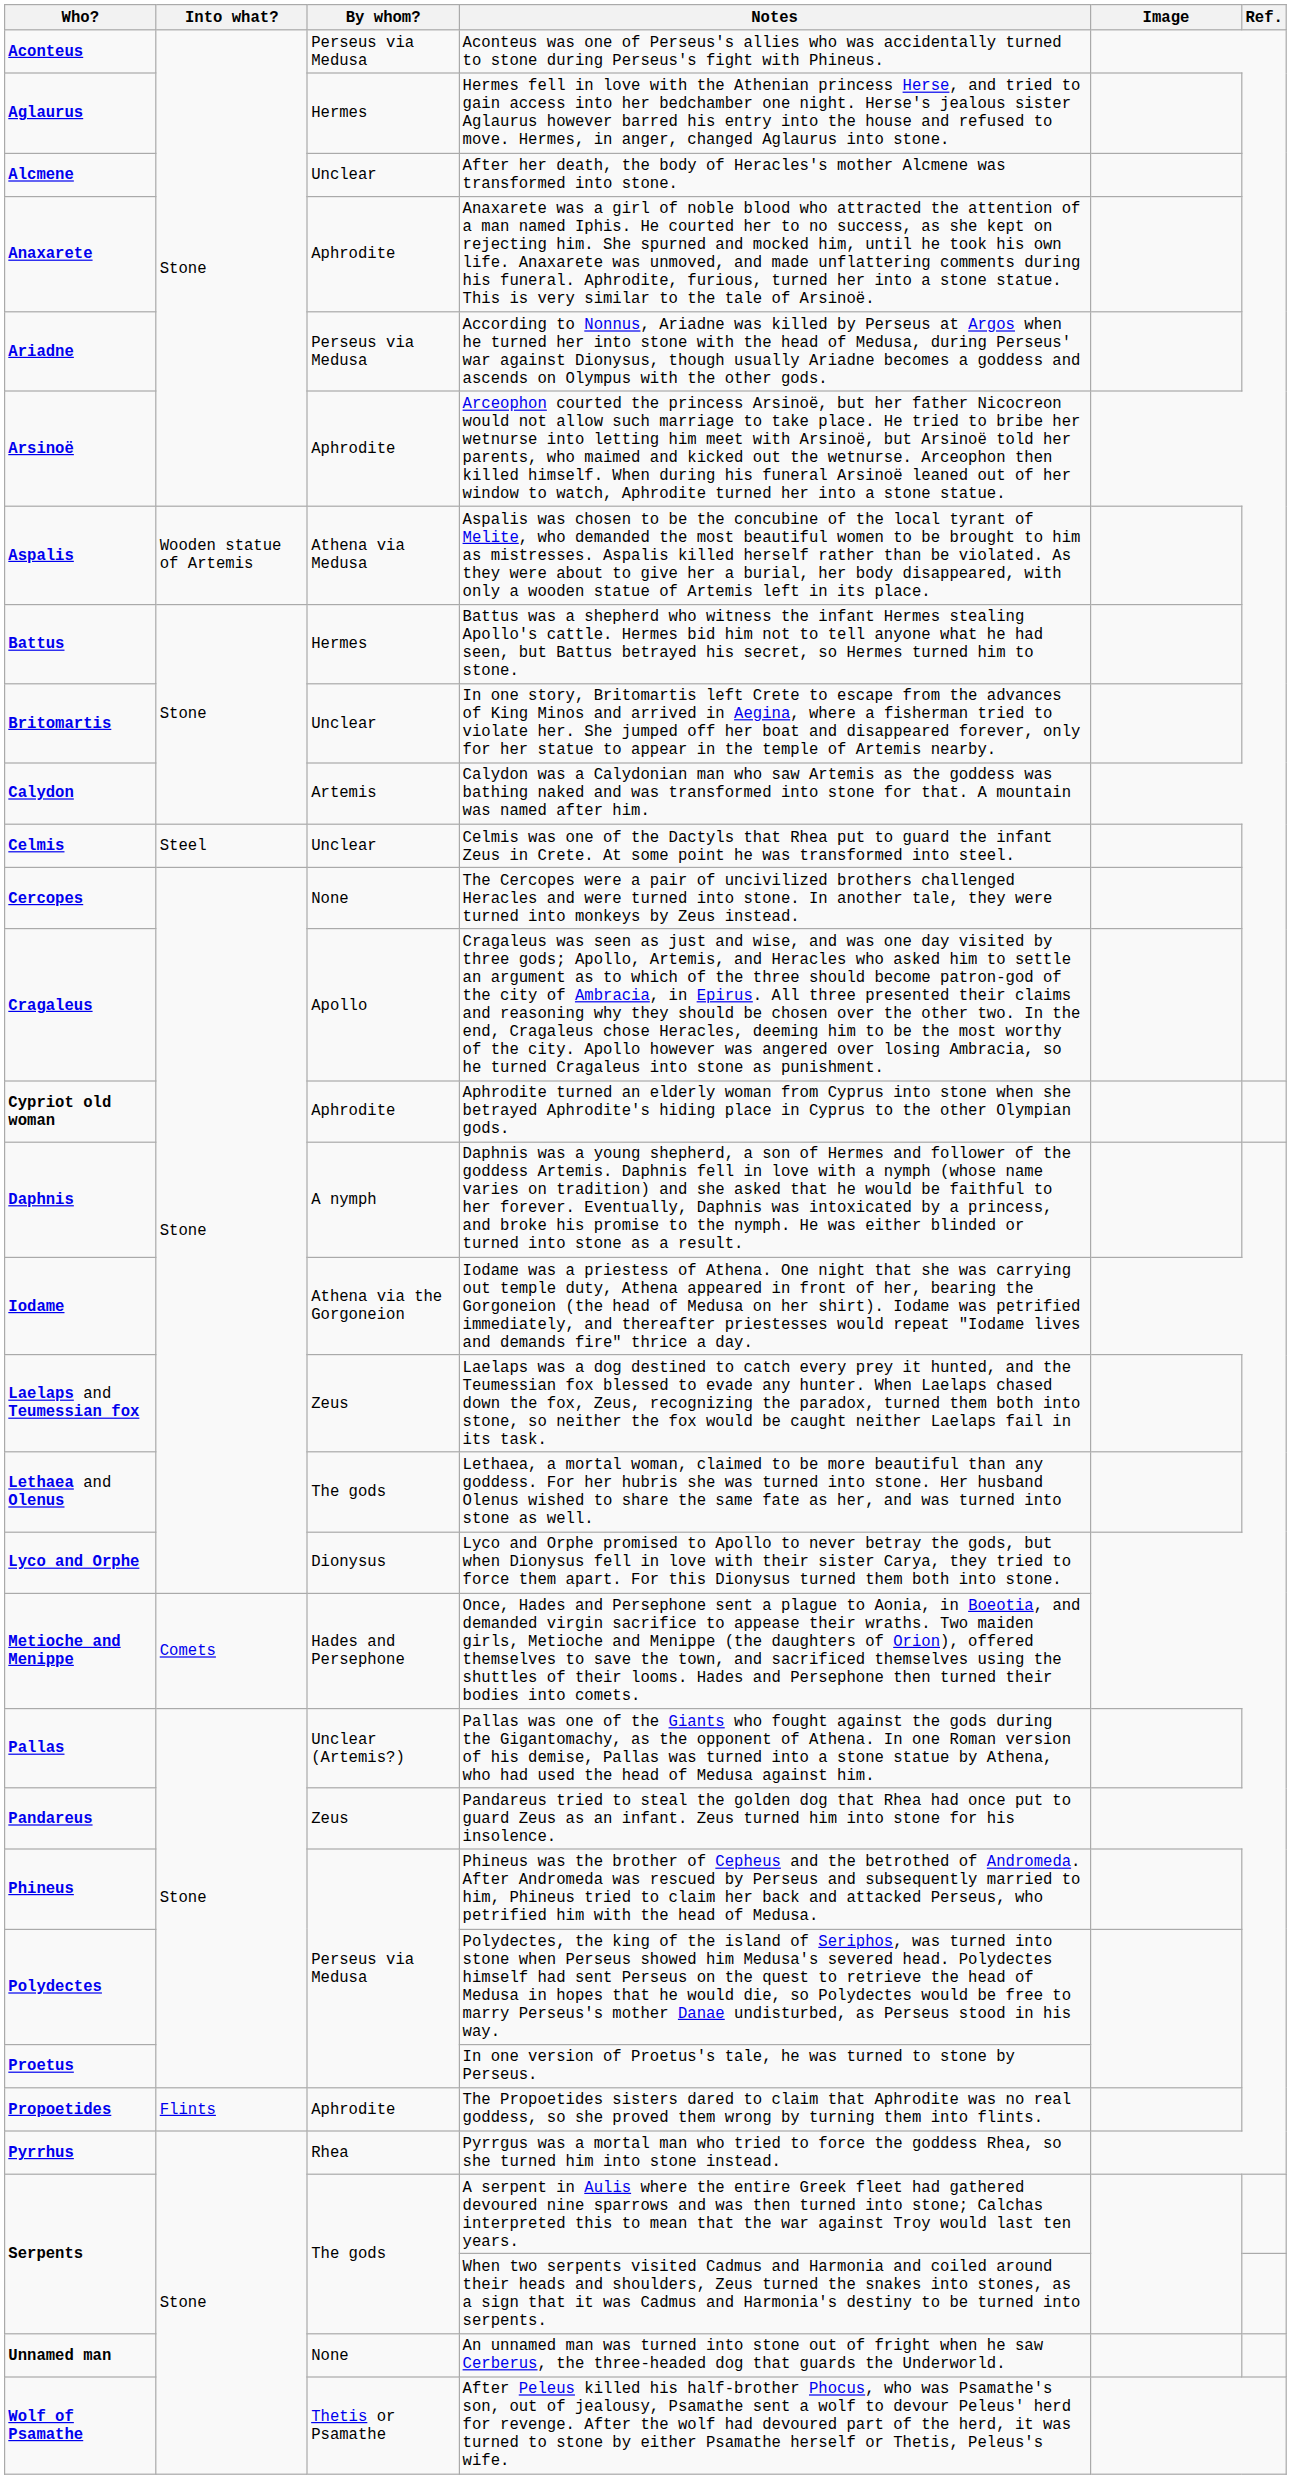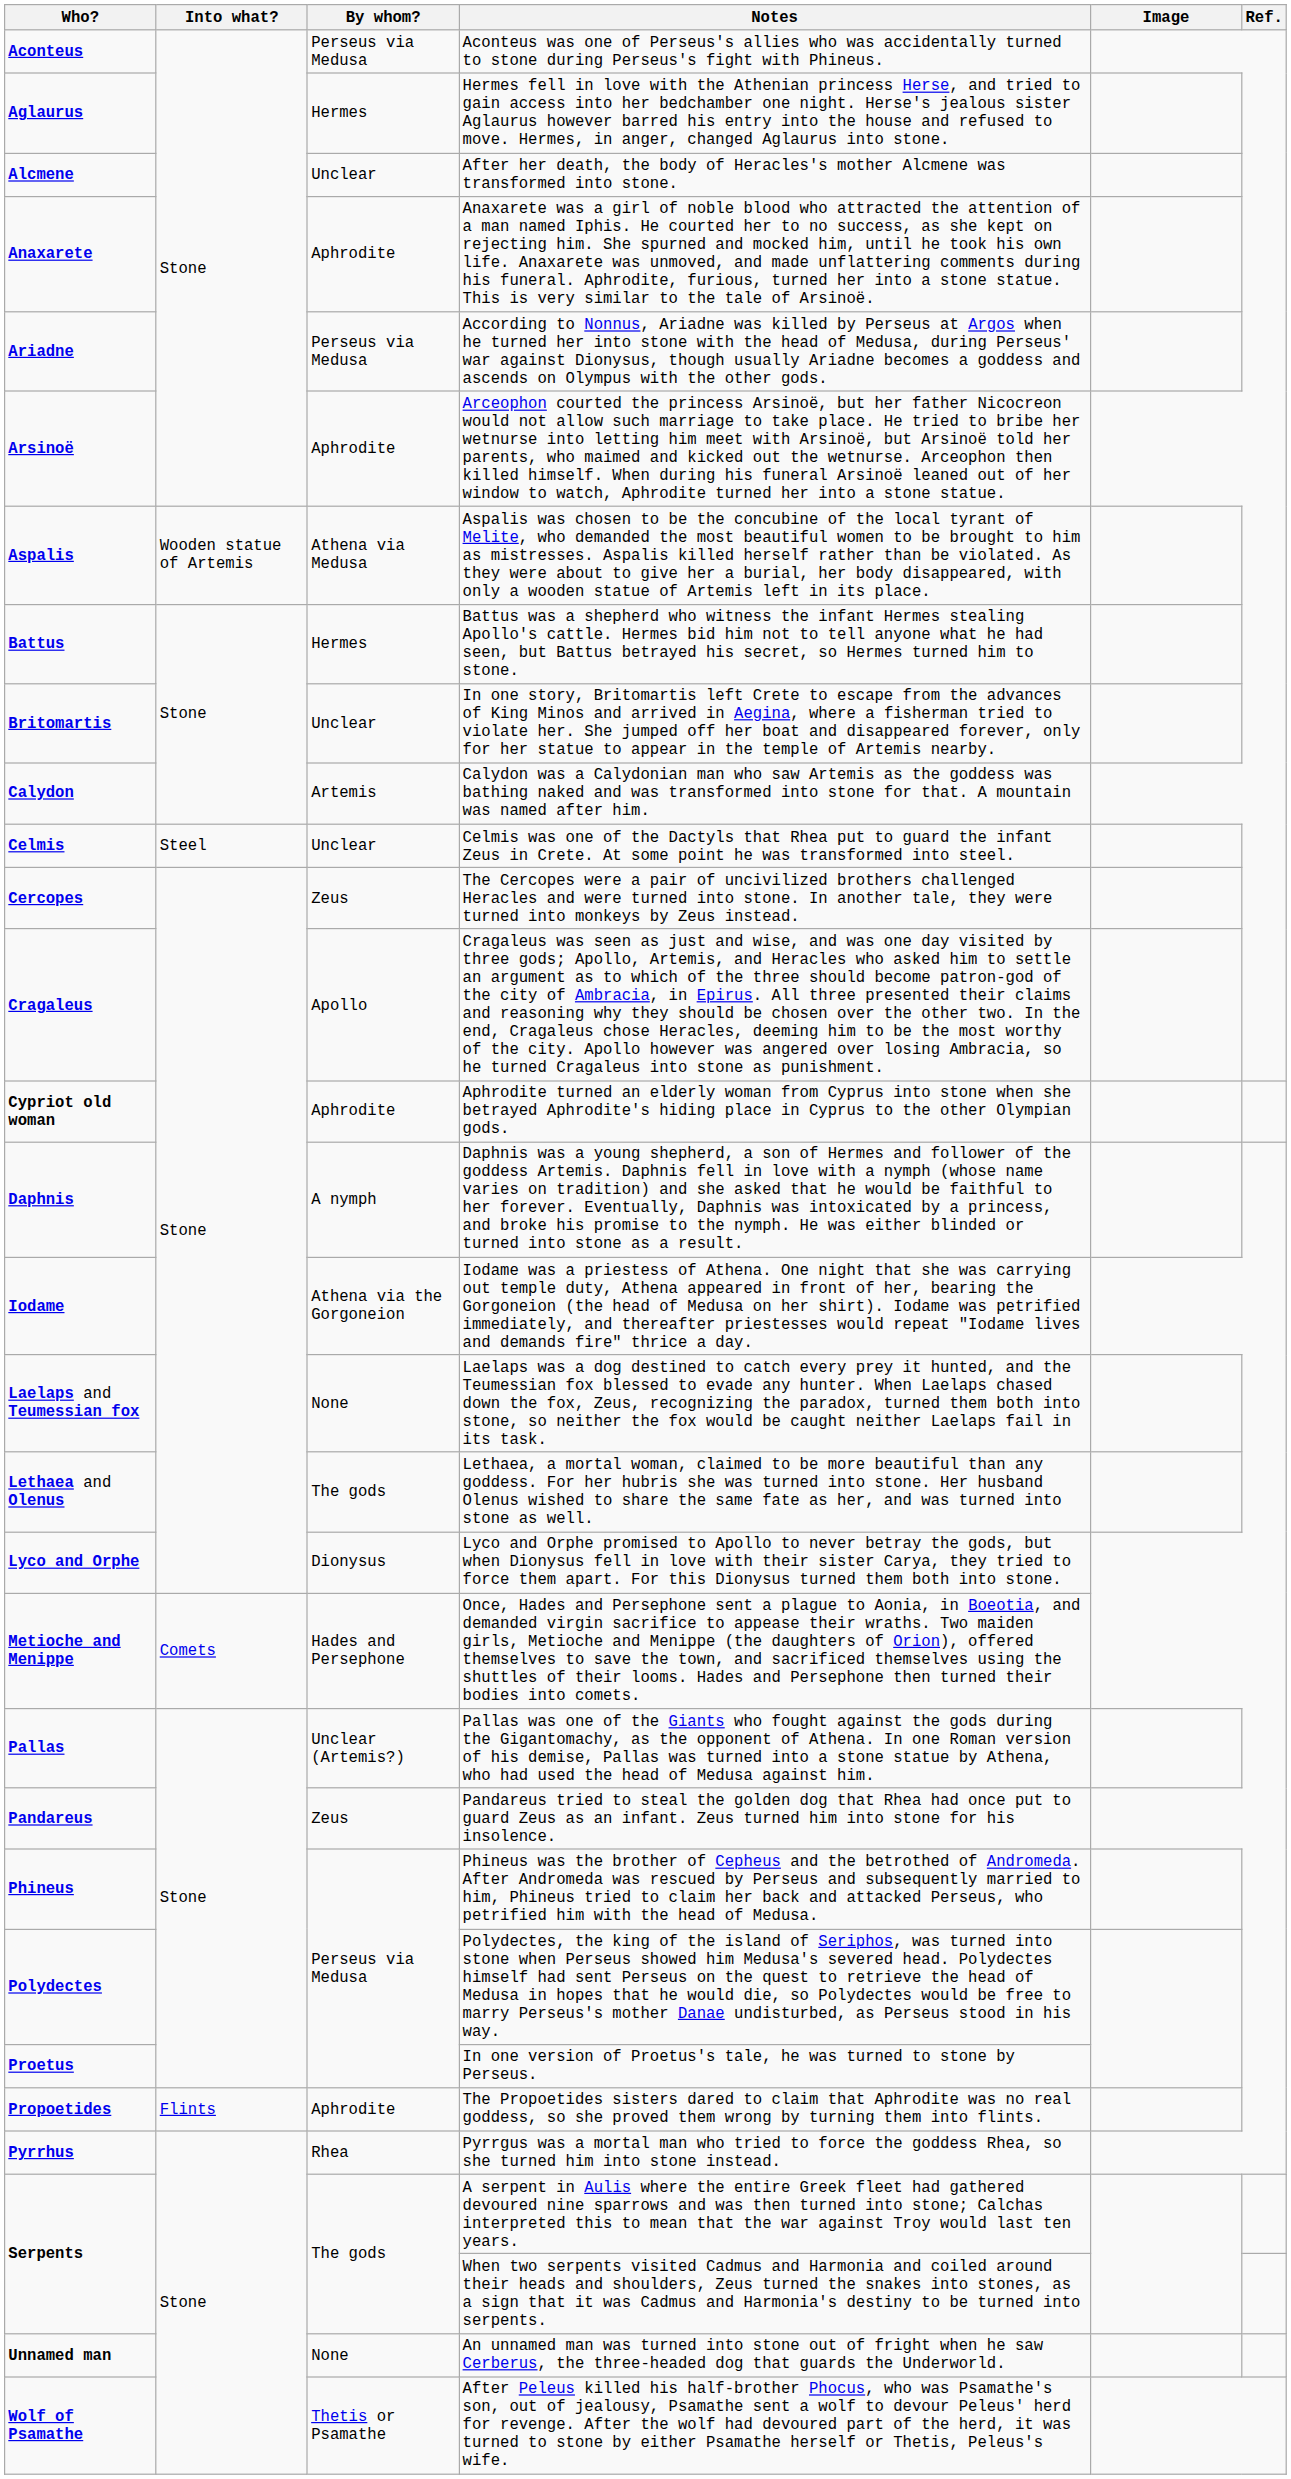 <table class="wikitable sortable">
 <tr>
 <th scope="col" style="width: 90pt;">Who?</th>
 <th scope="col" style="width: 90pt;">Into what?</th>
 <th scope="col" style="width: 90pt;">By whom?</th>
 <th scope="col" style="width: 390pt;">Notes</th>
 <th scope="col" style="width: 90pt;">Image</th>
 <th class="unsortable">Ref.</th>
 </tr>
 <tr>
 <td><strong><a href='#'>Aconteus</a></strong></td>
 <td rowspan="6">Stone</td>
 <td>Perseus via Medusa</td>
 <td>Aconteus was one of Perseus's allies who was accidentally turned to stone during Perseus's fight with Phineus.</td>
 </tr>
 <tr>
 <td><strong><a href='#'>Aglaurus</a></strong></td>
 <td>Hermes</td>
 <td>Hermes fell in love with the Athenian princess <a href='#'>Herse</a>, and tried to gain access into her bedchamber one night. Herse's jealous sister Aglaurus however barred his entry into the house and refused to move. Hermes, in anger, changed Aglaurus into stone.</td>
 <td></td>
 </tr>
 <tr>
 <td><strong><a href='#'>Alcmene</a></strong></td>
 <td>Unclear</td>
 <td>After her death, the body of Heracles's mother Alcmene was transformed into stone.</td>
 <td></td>
 </tr>
 <tr>
 <td><strong><a href='#'>Anaxarete</a></strong></td>
 <td>Aphrodite</td>
 <td>Anaxarete was a girl of noble blood who attracted the attention of a man named Iphis. He courted her to no success, as she kept on rejecting him. She spurned and mocked him, until he took his own life. Anaxarete was unmoved, and made unflattering comments during his funeral. Aphrodite, furious, turned her into a stone statue. This is very similar to the tale of Arsinoë.</td>
 <td></td>
 </tr>
 <tr>
 <td><strong><a href='#'>Ariadne</a></strong></td>
 <td>Perseus via Medusa</td>
 <td>According to <a href='#'>Nonnus</a>, Ariadne was killed by Perseus at <a href='#'>Argos</a> when he turned her into stone with the head of Medusa, during Perseus' war against Dionysus, though usually Ariadne becomes a goddess and ascends on Olympus with the other gods.</td>
 <td></td>
 </tr>
 <tr>
 <td><strong><a href='#'>Arsinoë</a></strong></td>
 <td>Aphrodite</td>
 <td><a href='#'>Arceophon</a> courted the princess Arsinoë, but her father Nicocreon would not allow such marriage to take place. He tried to bribe her wetnurse into letting him meet with Arsinoë, but Arsinoë told her parents, who maimed and kicked out the wetnurse. Arceophon then killed himself. When during his funeral Arsinoë leaned out of her window to watch, Aphrodite turned her into a stone statue.</td>
 </tr>
 <tr>
 <td><strong><a href='#'>Aspalis</a></strong></td>
 <td>Wooden statue of Artemis</td>
 <td>Athena via Medusa</td>
 <td>Aspalis was chosen to be the concubine of the local tyrant of <a href='#'>Melite</a>, who demanded the most beautiful women to be brought to him as mistresses. Aspalis killed herself rather than be violated. As they were about to give her a burial, her body disappeared, with only a wooden statue of Artemis left in its place.</td>
 <td></td>
 </tr>
 <tr>
 <td><strong><a href='#'>Battus</a></strong></td>
 <td rowspan="3">Stone</td>
 <td>Hermes</td>
 <td>Battus was a shepherd who witness the infant Hermes stealing Apollo's cattle. Hermes bid him not to tell anyone what he had seen, but Battus betrayed his secret, so Hermes turned him to stone.</td>
 <td></td>
 </tr>
 <tr>
 <td><strong><a href='#'>Britomartis</a></strong></td>
 <td>Unclear</td>
 <td>In one story, Britomartis left Crete to escape from the advances of King Minos and arrived in <a href='#'>Aegina</a>, where a fisherman tried to violate her. She jumped off her boat and disappeared forever, only for her statue to appear in the temple of Artemis nearby.</td>
 <td></td>
 </tr>
 <tr>
 <td><strong><a href='#'>Calydon</a></strong></td>
 <td>Artemis</td>
 <td>Calydon was a Calydonian man who saw Artemis as the goddess was bathing naked and was transformed into stone for that. A mountain was named after him.</td>
 </tr>
 <tr>
 <td><strong><a href='#'>Celmis</a></strong></td>
 <td>Steel</td>
 <td>Unclear</td>
 <td>Celmis was one of the Dactyls that Rhea put to guard the infant Zeus in Crete. At some point he was transformed into steel.</td>
 <td></td>
 </tr>
 <tr>
 <td><strong><a href='#'>Cercopes</a></strong></td>
 <td rowspan="8">Stone</td>
-<td>None</td>
+<td>Zeus</td>
 <td>The Cercopes were a pair of uncivilized brothers challenged Heracles and were turned into stone. In another tale, they were turned into monkeys by Zeus instead.</td>
 <td></td>
 </tr>
 <tr>
 <td><strong><a href='#'>Cragaleus</a></strong></td>
 <td>Apollo</td>
 <td>Cragaleus was seen as just and wise, and was one day visited by three gods; Apollo, Artemis, and Heracles who asked him to settle an argument as to which of the three should become patron-god of the city of <a href='#'>Ambracia</a>, in <a href='#'>Epirus</a>. All three presented their claims and reasoning why they should be chosen over the other two. In the end, Cragaleus chose Heracles, deeming him to be the most worthy of the city. Apollo however was angered over losing Ambracia, so he turned Cragaleus into stone as punishment.</td>
 <td></td>
 </tr>
 <tr>
 <td><strong>Cypriot old woman</strong></td>
 <td>Aphrodite</td>
 <td>Aphrodite turned an elderly woman from Cyprus into stone when she betrayed Aphrodite's hiding place in Cyprus to the other Olympian gods.</td>
 <td></td>
 <td></td>
 </tr>
 <tr>
 <td><strong><a href='#'>Daphnis</a></strong></td>
 <td>A nymph</td>
 <td>Daphnis was a young shepherd, a son of Hermes and follower of the goddess Artemis. Daphnis fell in love with a nymph (whose name varies on tradition) and she asked that he would be faithful to her forever. Eventually, Daphnis was intoxicated by a princess, and broke his promise to the nymph. He was either blinded or turned into stone as a result.</td>
 <td></td>
 </tr>
 <tr>
 <td><strong><a href='#'>Iodame</a></strong></td>
 <td>Athena via the Gorgoneion</td>
 <td>Iodame was a priestess of Athena. One night that she was carrying out temple duty, Athena appeared in front of her, bearing the Gorgoneion (the head of Medusa on her shirt). Iodame was petrified immediately, and thereafter priestesses would repeat "Iodame lives and demands fire" thrice a day.</td>
 </tr>
 <tr>
 <td><strong><a href='#'>Laelaps</a></strong> and <strong><a href='#'>Teumessian fox</a></strong></td>
-<td>Zeus</td>
+<td>None</td>
 <td>Laelaps was a dog destined to catch every prey it hunted, and the Teumessian fox blessed to evade any hunter. When Laelaps chased down the fox, Zeus, recognizing the paradox, turned them both into stone, so neither the fox would be caught neither Laelaps fail in its task.</td>
 <td></td>
 </tr>
 <tr>
 <td><strong><a href='#'>Lethaea</a></strong> and <strong><a href='#'>Olenus</a></strong></td>
 <td>The gods</td>
 <td>Lethaea, a mortal woman, claimed to be more beautiful than any goddess. For her hubris she was turned into stone. Her husband Olenus wished to share the same fate as her, and was turned into stone as well.</td>
 <td></td>
 </tr>
 <tr>
 <td><strong><a href='#'>Lyco and Orphe</a></strong></td>
 <td>Dionysus</td>
 <td>Lyco and Orphe promised to Apollo to never betray the gods, but when Dionysus fell in love with their sister Carya, they tried to force them apart. For this Dionysus turned them both into stone.</td>
 </tr>
 <tr>
 <td><strong><a href='#'>Metioche and Menippe</a></strong></td>
 <td><a href='#'>Comets</a></td>
 <td>Hades and Persephone</td>
 <td>Once, Hades and Persephone sent a plague to Aonia, in <a href='#'>Boeotia</a>, and demanded virgin sacrifice to appease their wraths. Two maiden girls, Metioche and Menippe (the daughters of <a href='#'>Orion</a>), offered themselves to save the town, and sacrificed themselves using the shuttles of their looms. Hades and Persephone then turned their bodies into comets.</td>
 </tr>
 <tr>
 <td><strong><a href='#'>Pallas</a></strong></td>
 <td rowspan="5">Stone</td>
 <td>Unclear (Artemis?)</td>
 <td>Pallas was one of the <a href='#'>Giants</a> who fought against the gods during the Gigantomachy, as the opponent of Athena. In one Roman version of his demise, Pallas was turned into a stone statue by Athena, who had used the head of Medusa against him.</td>
 <td></td>
 </tr>
 <tr>
 <td><strong><a href='#'>Pandareus</a></strong></td>
 <td>Zeus</td>
 <td>Pandareus tried to steal the golden dog that Rhea had once put to guard Zeus as an infant. Zeus turned him into stone for his insolence.</td>
 </tr>
 <tr>
 <td><strong><a href='#'>Phineus</a></strong></td>
 <td rowspan="3">Perseus via Medusa</td>
 <td>Phineus was the brother of <a href='#'>Cepheus</a> and the betrothed of <a href='#'>Andromeda</a>. After Andromeda was rescued by Perseus and subsequently married to him, Phineus tried to claim her back and attacked Perseus, who petrified him with the head of Medusa.</td>
 <td></td>
 </tr>
 <tr>
 <td><strong><a href='#'>Polydectes</a></strong></td>
 <td>Polydectes, the king of the island of <a href='#'>Seriphos</a>, was turned into stone when Perseus showed him Medusa's severed head. Polydectes himself had sent Perseus on the quest to retrieve the head of Medusa in hopes that he would die, so Polydectes would be free to marry Perseus's mother <a href='#'>Danae</a> undisturbed, as Perseus stood in his way.</td>
 <td rowspan="2"></td>
 </tr>
 <tr>
 <td><strong><a href='#'>Proetus</a></strong></td>
 <td>In one version of Proetus's tale, he was turned to stone by Perseus.</td>
 </tr>
 <tr>
 <td><strong><a href='#'>Propoetides</a></strong></td>
 <td><a href='#'>Flints</a></td>
 <td>Aphrodite</td>
 <td>The Propoetides sisters dared to claim that Aphrodite was no real goddess, so she proved them wrong by turning them into flints.</td>
 <td></td>
 </tr>
 <tr>
 <td><strong><a href='#'>Pyrrhus</a></strong></td>
 <td rowspan="5">Stone</td>
 <td>Rhea</td>
 <td>Pyrrgus was a mortal man who tried to force the goddess Rhea, so she turned him into stone instead.</td>
 </tr>
 <tr>
 <td rowspan="2"><strong>Serpents</strong></td>
 <td rowspan="2">The gods</td>
 <td>A serpent in <a href='#'>Aulis</a> where the entire Greek fleet had gathered devoured nine sparrows and was then turned into stone; Calchas interpreted this to mean that the war against Troy would last ten years.</td>
 <td rowspan="2"></td>
 <td></td>
 </tr>
 <tr>
 <td>When two serpents visited Cadmus and Harmonia and coiled around their heads and shoulders, Zeus turned the snakes into stones, as a sign that it was Cadmus and Harmonia's destiny to be turned into serpents.</td>
 <td></td>
 </tr>
 <tr>
 <td><strong>Unnamed man</strong></td>
 <td>None</td>
 <td>An unnamed man was turned into stone out of fright when he saw <a href='#'>Cerberus</a>, the three-headed dog that guards the Underworld.</td>
 <td></td>
 <td></td>
 </tr>
 <tr>
 <td><strong><a href='#'>Wolf of Psamathe</a></strong></td>
 <td><a href='#'>Thetis</a> or Psamathe</td>
 <td>After <a href='#'>Peleus</a> killed his half-brother <a href='#'>Phocus</a>, who was Psamathe's son, out of jealousy, Psamathe sent a wolf to devour Peleus' herd for revenge. After the wolf had devoured part of the herd, it was turned to stone by either Psamathe herself or Thetis, Peleus's wife.</td>
 </tr>
 </table>
